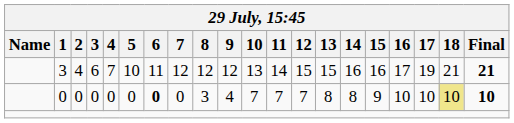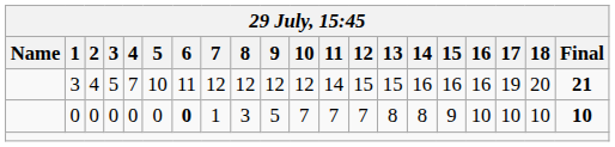 <table class=wikitable style="text-align:center; width: 55%">
 <tr>
 <th colspan=20><em>29 July, 15:45</em></th>
 </tr>
 <tr>
 <th>Name</th>
 <th>1</th>
 <th>2</th>
 <th>3</th>
 <th>4</th>
 <th>5</th>
 <th>6</th>
 <th>7</th>
 <th>8</th>
 <th>9</th>
 <th>10</th>
 <th>11</th>
 <th>12</th>
 <th>13</th>
 <th>14</th>
 <th>15</th>
 <th>16</th>
 <th>17</th>
 <th>18</th>
 <th>Final</th>
 </tr>
 <tr>
 <td align=left><strong></strong></td>
 <td>3</td>
 <td>4</td>
-<td>6</td>
+<td>5</td>
 <td>7</td>
 <td>10</td>
 <td>11</td>
 <td>12</td>
 <td>12</td>
 <td>12</td>
-<td>13</td>
+<td>12</td>
 <td>14</td>
 <td>15</td>
 <td>15</td>
 <td>16</td>
 <td>16</td>
-<td>17</td>
+<td>16</td>
 <td>19</td>
-<td>21</td>
+<td>20</td>
 <td><strong>21</strong></td>
 </tr>
 <tr>
 <td align=left></td>
 <td>0</td>
 <td>0</td>
 <td>0</td>
 <td>0</td>
 <td>0</td>
 <td><strong>0</strong></td>
-<td>0</td>
+<td>1</td>
 <td>3</td>
-<td>4</td>
+<td>5</td>
 <td>7</td>
 <td>7</td>
 <td>7</td>
 <td>8</td>
 <td>8</td>
 <td>9</td>
 <td>10</td>
 <td>10</td>
-<td style="background: khaki;">10</td>
+<td>10</td>
 <td><strong>10</strong></td>
 </tr>
 <tr>
 <td colspan=20></td>
 </tr>
 </table>
